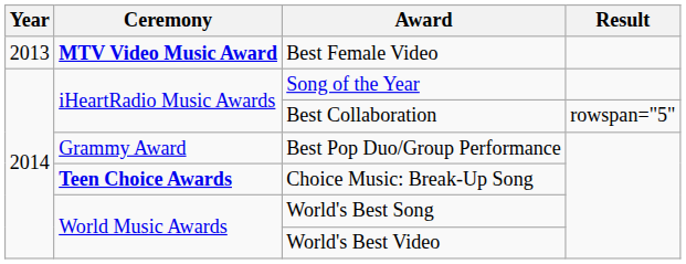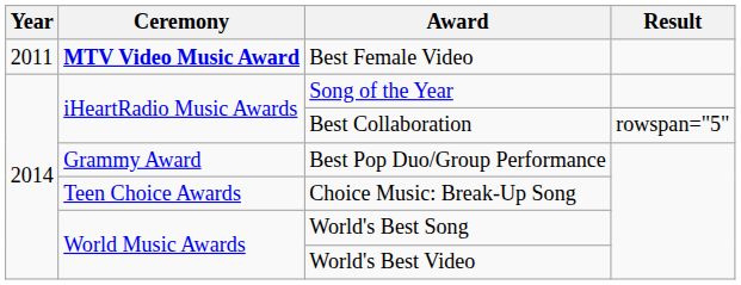 <table class="wikitable">
 <tr>
 <th>Year</th>
 <th>Ceremony</th>
 <th>Award</th>
 <th>Result</th>
 </tr>
 <tr>
-<td rowspan="1">2013</td>
+<td rowspan="1">2011</td>
 <td><strong><a href='#'>MTV Video Music Award</a></strong></td>
 <td>Best Female Video</td>
 <td></td>
 </tr>
 <tr>
 <td rowspan="6">2014</td>
 <td rowspan="2"><a href='#'>iHeartRadio Music Awards</a></td>
 <td><a href='#'>Song of the Year</a></td>
 <td></td>
 </tr>
 <tr>
 <td>Best Collaboration</td>
 <td>rowspan="5" </td>
 </tr>
 <tr>
 <td><a href='#'>Grammy Award</a></td>
 <td>Best Pop Duo/Group Performance</td>
 </tr>
 <tr>
-<td><strong><a href='#'>Teen Choice Awards</a></strong></td>
+<td><a href='#'>Teen Choice Awards</a></td>
 <td>Choice Music: Break-Up Song</td>
 </tr>
 <tr>
 <td rowspan="2"><a href='#'>World Music Awards</a></td>
 <td>World's Best Song</td>
 </tr>
 <tr>
 <td>World's Best Video</td>
 </tr>
 </table>
